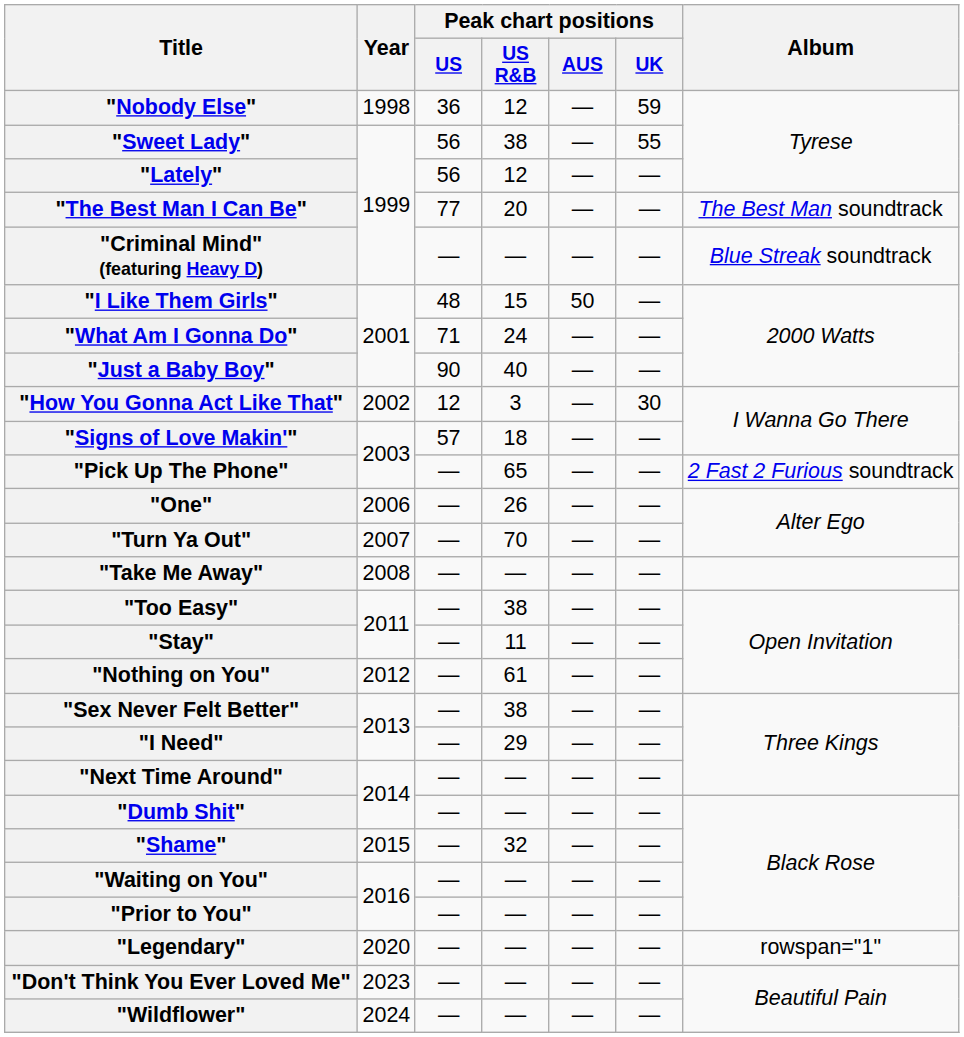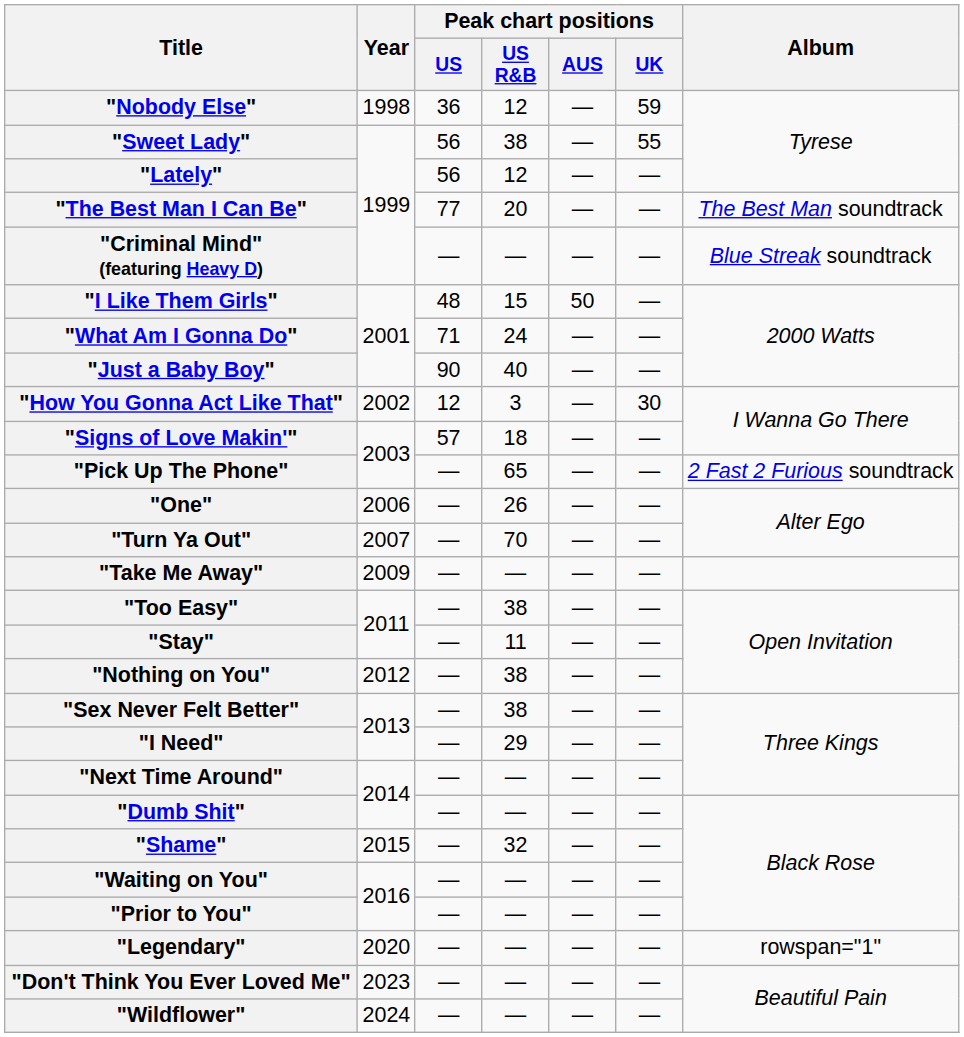 <table class="wikitable plainrowheaders" style="text-align:center;">
 <tr>
 <th scope="col" rowspan="2" style="width:16em;">Title</th>
 <th scope="col" rowspan="2">Year</th>
 <th scope="col" colspan="4">Peak chart positions</th>
 <th scope="col" rowspan="2">Album</th>
 </tr>
 <tr>
 <th scope="col" style="width:3em;font-size:90%;"><a href='#'>US</a><br></th>
 <th scope="col" style="width:3em;font-size:90%;"><a href='#'>US R&B</a><br></th>
 <th scope="col" style="width:3em;font-size:90%;"><a href='#'>AUS</a><br></th>
 <th scope="col" style="width:3em;font-size:90%;"><a href='#'>UK</a><br></th>
 </tr>
 <tr>
 <th scope="row">"<a href='#'>Nobody Else</a>"</th>
 <td>1998</td>
 <td>36</td>
 <td>12</td>
 <td>—</td>
 <td>59</td>
 <td rowspan="3"><em>Tyrese</em></td>
 </tr>
 <tr>
 <th scope="row">"<a href='#'>Sweet Lady</a>"</th>
 <td rowspan="4">1999</td>
 <td>56</td>
 <td>38</td>
 <td>—</td>
 <td>55</td>
 </tr>
 <tr>
 <th scope="row">"<a href='#'>Lately</a>"</th>
 <td>56</td>
 <td>12</td>
 <td>—</td>
 <td>—</td>
 </tr>
 <tr>
 <th scope="row">"<a href='#'>The Best Man I Can Be</a>" <br></th>
 <td>77</td>
 <td>20</td>
 <td>—</td>
 <td>—</td>
 <td><em><a href='#'>The Best Man</a></em> soundtrack</td>
 </tr>
 <tr>
 <th scope="row">"Criminal Mind"<br><small>(featuring <a href='#'>Heavy D</a>)</small></th>
 <td>—</td>
 <td>—</td>
 <td>—</td>
 <td>—</td>
 <td><em><a href='#'>Blue Streak</a></em> soundtrack</td>
 </tr>
 <tr>
 <th scope="row">"<a href='#'>I Like Them Girls</a>"</th>
 <td rowspan="3">2001</td>
 <td>48</td>
 <td>15</td>
 <td>50</td>
 <td>—</td>
 <td rowspan="3"><em>2000 Watts</em></td>
 </tr>
 <tr>
 <th scope="row">"<a href='#'>What Am I Gonna Do</a>"</th>
 <td>71</td>
 <td>24</td>
 <td>—</td>
 <td>—</td>
 </tr>
 <tr>
 <th scope="row">"<a href='#'>Just a Baby Boy</a>" <br></th>
 <td>90</td>
 <td>40</td>
 <td>—</td>
 <td>—</td>
 </tr>
 <tr>
 <th scope="row">"<a href='#'>How You Gonna Act Like That</a>"</th>
 <td>2002</td>
 <td>12</td>
 <td>3</td>
 <td>—</td>
 <td>30</td>
 <td rowspan="2"><em>I Wanna Go There</em></td>
 </tr>
 <tr>
 <th scope="row">"<a href='#'>Signs of Love Makin'</a>"</th>
 <td rowspan="2">2003</td>
 <td>57</td>
 <td>18</td>
 <td>—</td>
 <td>—</td>
 </tr>
 <tr>
 <th scope="row">"Pick Up The Phone" <br></th>
 <td>—</td>
 <td>65</td>
 <td>—</td>
 <td>—</td>
 <td><em><a href='#'>2 Fast 2 Furious</a></em> soundtrack</td>
 </tr>
 <tr>
 <th scope="row">"One"</th>
 <td>2006</td>
 <td>—</td>
 <td>26</td>
 <td>—</td>
 <td>—</td>
 <td rowspan="2"><em>Alter Ego</em></td>
 </tr>
 <tr>
 <th scope="row">"Turn Ya Out" <br></th>
 <td>2007</td>
 <td>—</td>
 <td>70</td>
 <td>—</td>
 <td>—</td>
 </tr>
 <tr>
 <th scope="row">"Take Me Away"</th>
-<td>2008</td>
+<td>2009</td>
 <td>—</td>
 <td>—</td>
 <td>—</td>
 <td>—</td>
 <td></td>
 </tr>
 <tr>
 <th scope="row">"Too Easy" <br></th>
 <td rowspan="2">2011</td>
 <td>—</td>
 <td>38</td>
 <td>—</td>
 <td>—</td>
 <td rowspan="3"><em>Open Invitation</em></td>
 </tr>
 <tr>
 <th scope="row">"Stay"</th>
 <td>—</td>
 <td>11</td>
 <td>—</td>
 <td>—</td>
 </tr>
 <tr>
 <th scope="row">"Nothing on You"</th>
 <td>2012</td>
 <td>—</td>
-<td>61</td>
+<td>38</td>
 <td>—</td>
 <td>—</td>
 </tr>
 <tr>
 <th scope="row">"Sex Never Felt Better" <br></th>
 <td rowspan="2">2013</td>
 <td>—</td>
 <td>38</td>
 <td>—</td>
 <td>—</td>
 <td rowspan="3"><em>Three Kings</em></td>
 </tr>
 <tr>
 <th scope="row">"I Need" <br></th>
 <td>—</td>
 <td>29</td>
 <td>—</td>
 <td>—</td>
 </tr>
 <tr>
 <th scope="row">"Next Time Around"</th>
 <td rowspan="2">2014</td>
 <td>—</td>
 <td>—</td>
 <td>—</td>
 <td>—</td>
 </tr>
 <tr>
 <th scope="row">"<a href='#'>Dumb Shit</a>" <br></th>
 <td>—</td>
 <td>—</td>
 <td>—</td>
 <td>—</td>
 <td rowspan="4"><em>Black Rose</em></td>
 </tr>
 <tr>
 <th scope="row">"<a href='#'>Shame</a>" <br></th>
 <td>2015</td>
 <td>—</td>
 <td>32</td>
 <td>—</td>
 <td>—</td>
 </tr>
 <tr>
 <th scope="row">"Waiting on You"</th>
 <td rowspan="2">2016</td>
 <td>—</td>
 <td>—</td>
 <td>—</td>
 <td>—</td>
 </tr>
 <tr>
 <th scope="row">"Prior to You"</th>
 <td>—</td>
 <td>—</td>
 <td>—</td>
 <td>—</td>
 </tr>
 <tr>
 <th scope="row">"Legendary" <br></th>
 <td>2020</td>
 <td>—</td>
 <td>—</td>
 <td>—</td>
 <td>—</td>
 <td>rowspan="1" </td>
 </tr>
 <tr>
 <th scope="row">"Don't Think You Ever Loved Me" <br></th>
 <td rowspan="1">2023</td>
 <td>—</td>
 <td>—</td>
 <td>—</td>
 <td>—</td>
 <td rowspan="2"><em>Beautiful Pain</em></td>
 </tr>
 <tr>
 <th scope="row">"Wildflower"</th>
 <td rowspan="1">2024</td>
 <td>—</td>
 <td>—</td>
 <td>—</td>
 <td>—</td>
 </tr>
 <tr>
 </tr>
 </table>
